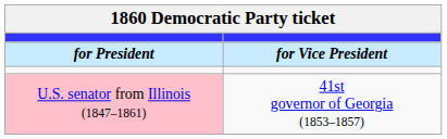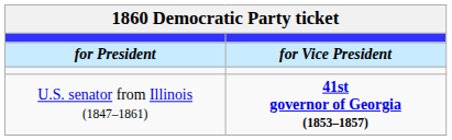 <table class="wikitable" style="font-size:90%; text-align:center;">
 <tr>
 <th style="background:#f1f1f1;" colspan="30"><big>1860 Democratic Party ticket</big></th>
 </tr>
 <tr>
 <th style="width:3em; font-size:135%; background:#3333FF; width:200px;"><a href='#'></a></th>
 <th style="width:3em; font-size:135%; background:#3333FF; width:200px;"><a href='#'></a></th>
 </tr>
 <tr>
 <td style="width:3em; font-size:100%; color:#000; background:#C8EBFF; width:200px;"><strong><em>for President</em></strong></td>
 <td style="width:3em; font-size:100%; color:#000; background:#C8EBFF; width:200px;"><strong><em>for Vice President</em></strong></td>
 </tr>
 <tr>
 <td></td>
 <td></td>
 </tr>
 <tr>
-<td style="background: pink;"><a href='#'>U.S. senator</a> from <a href='#'>Illinois</a><br><small>(1847–1861)</small></td>
-<td><a href='#'>41st</a><br><a href='#'>governor of Georgia</a><br><small>(1853–1857)</small></td>
+<td><a href='#'>U.S. senator</a> from <a href='#'>Illinois</a><br><small>(1847–1861)</small></td>
+<td><strong><a href='#'>41st</a><br><a href='#'>governor of Georgia</a><br><small>(1853–1857)</small></strong></td>
 </tr>
 <tr>
 </tr>
 </table>
